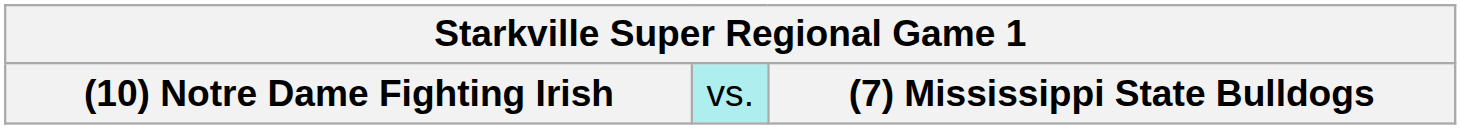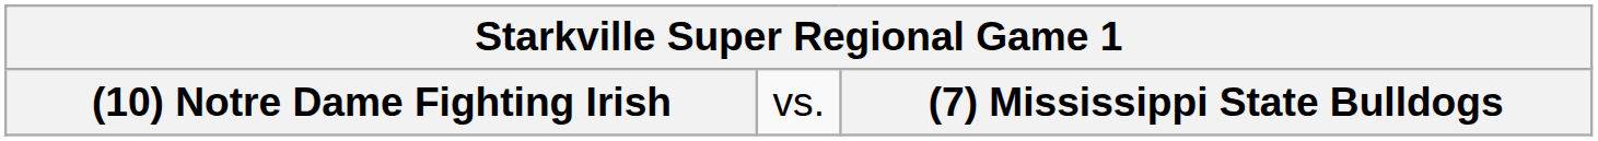 <table class="wikitable">
 <tr>
 <th style="width: 604px;" colspan=3>Starkville Super Regional Game 1</th>
 </tr>
 <tr>
 <th style="width: 289px; ">(10) Notre Dame Fighting Irish</th>
-<td style="background: paleturquoise; width: 25px; text-align:center">vs.</td>
+<td style="width: 25px; text-align:center">vs.</td>
 <th style="width: 289px; ">(7) Mississippi State Bulldogs</th>
 </tr>
 </table>
